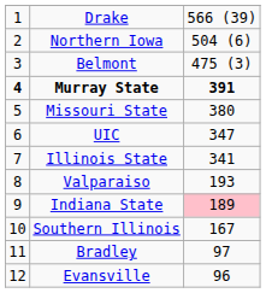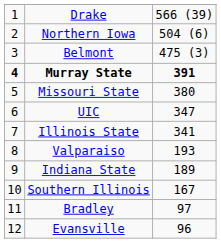 <table class="wikitable">
 <tr align=center>
 </tr>
 <tr align="center">
 <td>1</td>
 <td><a href='#'>Drake</a></td>
 <td>566 (39)</td>
 </tr>
 <tr align="center">
 <td>2</td>
 <td><a href='#'>Northern Iowa</a></td>
 <td>504 (6)</td>
 </tr>
 <tr align="center">
 <td>3</td>
 <td><a href='#'>Belmont</a></td>
 <td>475 (3)</td>
 </tr>
 <tr align="center">
 <td><strong>4</strong></td>
 <td><strong>Murray State</strong></td>
 <td><strong>391</strong></td>
 </tr>
 <tr align="center">
 <td>5</td>
 <td><a href='#'>Missouri State</a></td>
 <td>380</td>
 </tr>
 <tr align="center">
 <td>6</td>
 <td><a href='#'>UIC</a></td>
 <td>347</td>
 </tr>
 <tr align="center">
 <td>7</td>
 <td><a href='#'>Illinois State</a></td>
 <td>341</td>
 </tr>
 <tr align="center">
 <td>8</td>
 <td><a href='#'>Valparaiso</a></td>
 <td>193</td>
 </tr>
 <tr align="center">
 <td>9</td>
 <td><a href='#'>Indiana State</a></td>
-<td style="background: pink;">189</td>
+<td>189</td>
 </tr>
 <tr align="center">
 <td>10</td>
 <td><a href='#'>Southern Illinois</a></td>
 <td>167</td>
 </tr>
 <tr align="center">
 <td>11</td>
 <td><a href='#'>Bradley</a></td>
 <td>97</td>
 </tr>
 <tr align="center">
 <td>12</td>
 <td><a href='#'>Evansville</a></td>
 <td>96</td>
 </tr>
 </table>
